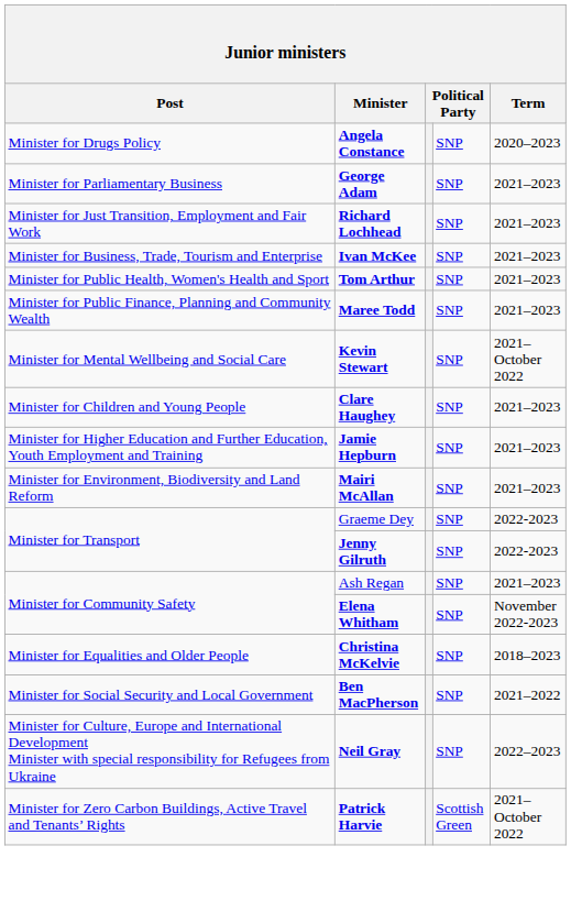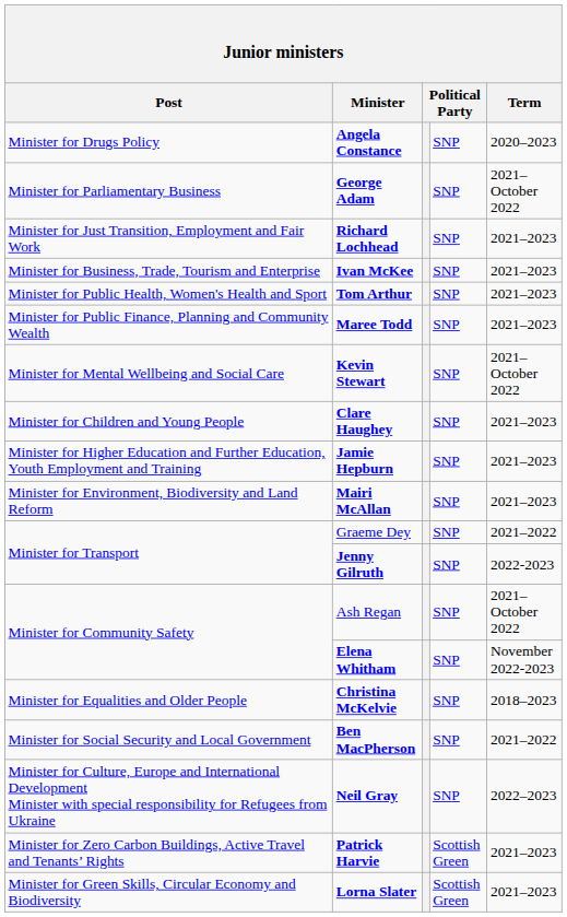 <table class="wikitable">
 <tr>
 <th colspan="5"><br><h3>Junior ministers</h3></th>
 </tr>
 <tr>
 <th style="width: 350px">Post</th>
 <th>Minister</th>
 <th colspan="2">Political Party</th>
 <th>Term</th>
 </tr>
 <tr>
 <td><a href='#'>Minister for Drugs Policy</a></td>
 <td><strong><a href='#'>Angela Constance</a></strong> </td>
 <th style="background-color: "></th>
 <td><a href='#'>SNP</a></td>
 <td>2020–2023</td>
 </tr>
 <tr>
 <td><a href='#'>Minister for Parliamentary Business</a></td>
 <td><strong><a href='#'>George Adam</a></strong> </td>
 <th style="background-color: "></th>
 <td><a href='#'>SNP</a></td>
-<td>2021–2023</td>
+<td>2021–October 2022</td>
 </tr>
 <tr>
 <td><a href='#'>Minister for Just Transition, Employment and Fair Work</a></td>
 <td><strong><a href='#'>Richard Lochhead</a></strong> </td>
 <th style="background-color: "></th>
 <td><a href='#'>SNP</a></td>
 <td>2021–2023</td>
 </tr>
 <tr>
 <td><a href='#'>Minister for Business, Trade, Tourism and Enterprise</a></td>
 <td><strong><a href='#'>Ivan McKee</a></strong> </td>
 <th style="background-color: "></th>
 <td><a href='#'>SNP</a></td>
 <td>2021–2023</td>
 </tr>
 <tr>
 <td><a href='#'>Minister for Public Health, Women's Health and Sport</a></td>
 <td><strong><a href='#'>Tom Arthur</a></strong> </td>
 <th style="background-color: "></th>
 <td><a href='#'>SNP</a></td>
 <td>2021–2023</td>
 </tr>
 <tr>
 <td><a href='#'>Minister for Public Finance, Planning and Community Wealth</a></td>
 <td><strong><a href='#'>Maree Todd</a></strong> </td>
 <th style="background-color: "></th>
 <td><a href='#'>SNP</a></td>
 <td>2021–2023</td>
 </tr>
 <tr>
 <td><a href='#'>Minister for Mental Wellbeing and Social Care</a></td>
 <td><strong><a href='#'>Kevin Stewart</a></strong> </td>
 <th style="background-color: "></th>
 <td><a href='#'>SNP</a></td>
 <td>2021–October 2022</td>
 </tr>
 <tr>
 <td><a href='#'>Minister for Children and Young People</a></td>
 <td><strong><a href='#'>Clare Haughey</a></strong> </td>
 <th style="background-color: "></th>
 <td><a href='#'>SNP</a></td>
 <td>2021–2023</td>
 </tr>
 <tr>
 <td><a href='#'>Minister for Higher Education and Further Education, Youth Employment and Training</a></td>
 <td><strong><a href='#'>Jamie Hepburn</a></strong> </td>
 <th style="background-color: "></th>
 <td><a href='#'>SNP</a></td>
 <td>2021–2023</td>
 </tr>
 <tr>
 <td><a href='#'>Minister for Environment, Biodiversity and Land Reform</a></td>
 <td><strong><a href='#'>Mairi McAllan</a></strong> </td>
 <th style="background-color: "></th>
 <td><a href='#'>SNP</a></td>
 <td>2021–2023</td>
 </tr>
 <tr>
 <td rowspan="2:"><a href='#'>Minister for Transport</a></td>
 <td><a href='#'>Graeme Dey</a> </td>
 <th style="background-color: "></th>
 <td><a href='#'>SNP</a></td>
-<td>2022-2023</td>
+<td>2021–2022</td>
 </tr>
 <tr>
 <td><strong><a href='#'>Jenny Gilruth</a></strong> </td>
 <th style="background-color: "></th>
 <td><a href='#'>SNP</a></td>
 <td>2022-2023</td>
 </tr>
 <tr>
 <td rowspan="2:"><a href='#'>Minister for Community Safety</a></td>
 <td><a href='#'>Ash Regan</a> </td>
 <th style="background-color: "></th>
 <td><a href='#'>SNP</a></td>
-<td>2021–2023</td>
+<td>2021–October 2022</td>
 </tr>
 <tr>
 <td><strong><a href='#'>Elena Whitham</a></strong> </td>
 <th style="background-color: "></th>
 <td><a href='#'>SNP</a></td>
 <td>November 2022-2023</td>
 </tr>
 <tr>
 <td><a href='#'>Minister for Equalities and Older People</a></td>
 <td><strong><a href='#'>Christina McKelvie</a></strong> </td>
 <th style="background-color: "></th>
 <td><a href='#'>SNP</a></td>
 <td>2018–2023</td>
 </tr>
 <tr>
 <td><a href='#'>Minister for Social Security and Local Government</a></td>
 <td><strong><a href='#'>Ben MacPherson</a></strong> </td>
 <th style="background-color: "></th>
 <td><a href='#'>SNP</a></td>
 <td>2021–2022</td>
 </tr>
 <tr>
 <td><a href='#'>Minister for Culture, Europe and International Development</a><br><a href='#'>Minister with special responsibility for Refugees from Ukraine</a></td>
 <td><strong><a href='#'>Neil Gray</a></strong> </td>
 <th style="background-color: "></th>
 <td><a href='#'>SNP</a></td>
 <td>2022–2023</td>
 </tr>
 <tr>
 <td><a href='#'>Minister for Zero Carbon Buildings, Active Travel and Tenants’ Rights</a></td>
 <td><strong><a href='#'>Patrick Harvie</a></strong> </td>
 <th style="background-color: "></th>
 <td><a href='#'>Scottish Green</a></td>
-<td>2021–October 2022</td>
+<td>2021–2023</td>
+</tr>
+<tr>
+<td><a href='#'>Minister for Green Skills, Circular Economy and Biodiversity</a></td>
+<td><strong><a href='#'>Lorna Slater</a></strong> </td>
+<th style="background-color: "></th>
+<td><a href='#'>Scottish Green</a></td>
+<td>2021–2023</td>
 </tr>
 </table>
